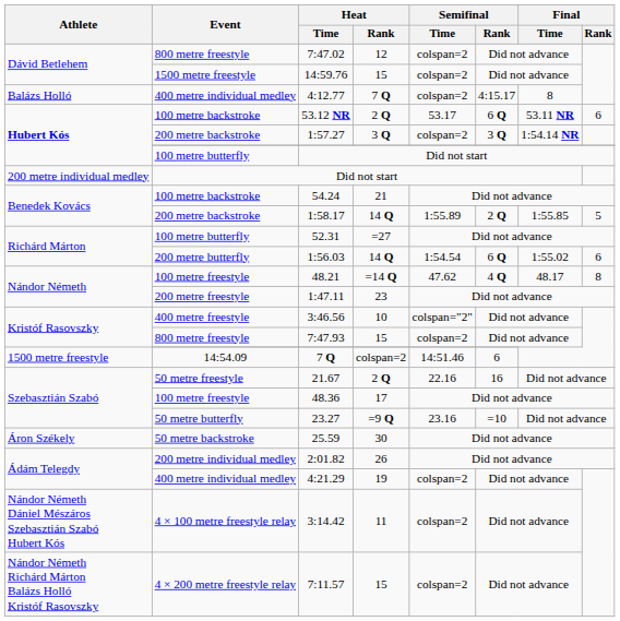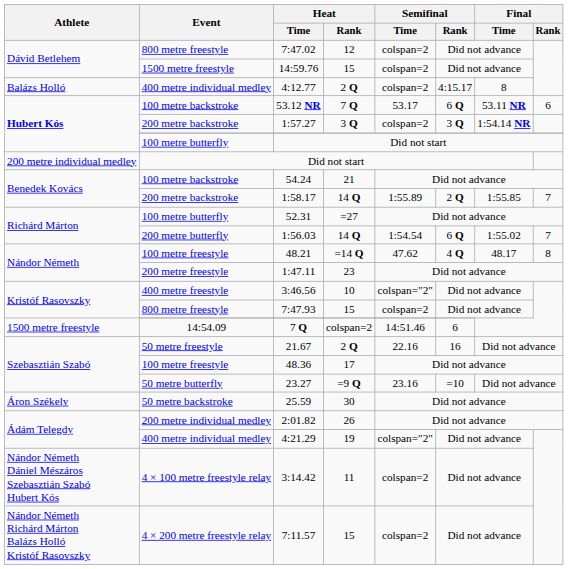 <table class="wikitable" style="text-align:center; font-size:90%">
 <tr>
 <th rowspan="2">Athlete</th>
 <th rowspan="2">Event</th>
 <th colspan="2">Heat</th>
 <th colspan="2">Semifinal</th>
 <th colspan="2">Final</th>
 </tr>
 <tr style="font-size:95%">
 <th>Time</th>
 <th>Rank</th>
 <th>Time</th>
 <th>Rank</th>
 <th>Time</th>
 <th>Rank</th>
 </tr>
 <tr>
 <td align=left rowspan=2><a href='#'>Dávid Betlehem</a></td>
 <td align=left><a href='#'>800 metre freestyle</a></td>
 <td>7:47.02</td>
 <td>12</td>
 <td>colspan=2 </td>
 <td colspan=2>Did not advance</td>
 </tr>
 <tr>
 <td align=left><a href='#'>1500 metre freestyle</a></td>
 <td>14:59.76</td>
 <td>15</td>
 <td>colspan=2 </td>
 <td colspan=2>Did not advance</td>
 </tr>
 <tr>
 <td align=left><a href='#'>Balázs Holló</a></td>
 <td align=left><a href='#'>400 metre individual medley</a></td>
 <td>4:12.77</td>
-<td>7 <strong>Q</strong></td>
+<td>2 <strong>Q</strong></td>
 <td>colspan=2 </td>
 <td>4:15.17</td>
 <td>8</td>
 </tr>
 <tr>
 <td align=left rowspan=4><strong><a href='#'>Hubert Kós</a></strong></td>
 <td align=left><a href='#'>100 metre backstroke</a></td>
 <td>53.12 <strong><a href='#'>NR</a></strong></td>
-<td>2 <strong>Q</strong></td>
+<td>7 <strong>Q</strong></td>
 <td>53.17</td>
 <td>6 <strong>Q</strong></td>
 <td>53.11 <strong><a href='#'>NR</a></strong></td>
 <td>6</td>
 </tr>
 <tr>
 <td align=left><a href='#'>200 metre backstroke</a></td>
 <td>1:57.27</td>
 <td>3 <strong>Q</strong></td>
 <td>colspan=2 </td>
 <td>3 <strong>Q</strong></td>
 <td>1:54.14 <strong><a href='#'>NR</a></strong></td>
 <td></td>
 </tr>
 <tr>
 </tr>
 <tr>
 <td align=left><a href='#'>100 metre butterfly</a></td>
 <td colspan=6>Did not start</td>
 </tr>
 <tr>
 <td align=left><a href='#'>200 metre individual medley</a></td>
 <td colspan=6>Did not start</td>
 </tr>
 <tr>
 <td align=left rowspan=2><a href='#'>Benedek Kovács</a></td>
 <td align=left><a href='#'>100 metre backstroke</a></td>
 <td>54.24</td>
 <td>21</td>
 <td colspan=4>Did not advance</td>
 </tr>
 <tr>
 <td align=left><a href='#'>200 metre backstroke</a></td>
 <td>1:58.17</td>
 <td>14 <strong>Q</strong></td>
 <td>1:55.89</td>
 <td>2 <strong>Q</strong></td>
 <td>1:55.85</td>
-<td>5</td>
+<td>7</td>
 </tr>
 <tr>
 <td align=left rowspan=2><a href='#'>Richárd Márton</a></td>
 <td align=left><a href='#'>100 metre butterfly</a></td>
 <td>52.31</td>
 <td>=27</td>
 <td colspan=4>Did not advance</td>
 </tr>
 <tr>
 <td align=left><a href='#'>200 metre butterfly</a></td>
 <td>1:56.03</td>
 <td>14 <strong>Q</strong></td>
 <td>1:54.54</td>
 <td>6 <strong>Q</strong></td>
 <td>1:55.02</td>
-<td>6</td>
+<td>7</td>
 </tr>
 <tr>
 <td align=left rowspan=2><a href='#'>Nándor Németh</a></td>
 <td align=left><a href='#'>100 metre freestyle</a></td>
 <td>48.21</td>
 <td>=14 <strong>Q</strong></td>
 <td>47.62</td>
 <td>4 <strong>Q</strong></td>
 <td>48.17</td>
 <td>8</td>
 </tr>
 <tr>
 <td align=left><a href='#'>200 metre freestyle</a></td>
 <td>1:47.11</td>
 <td>23</td>
 <td colspan=4>Did not advance</td>
 </tr>
 <tr>
 <td align=left rowspan=3><a href='#'>Kristóf Rasovszky</a></td>
 <td align=left><a href='#'>400 metre freestyle</a></td>
 <td>3:46.56</td>
 <td>10</td>
 <td>colspan="2" </td>
 <td colspan=2>Did not advance</td>
 </tr>
 <tr>
 <td align=left><a href='#'>800 metre freestyle</a></td>
 <td>7:47.93</td>
 <td>15</td>
 <td>colspan=2 </td>
 <td colspan=2>Did not advance</td>
 </tr>
 <tr>
 </tr>
 <tr>
 <td align=left><a href='#'>1500 metre freestyle</a></td>
 <td>14:54.09</td>
 <td>7 <strong>Q</strong></td>
 <td>colspan=2 </td>
 <td>14:51.46</td>
 <td>6</td>
 </tr>
 <tr>
 <td align=left rowspan=3><a href='#'>Szebasztián Szabó</a></td>
 <td align=left><a href='#'>50 metre freestyle</a></td>
 <td>21.67</td>
 <td>2 <strong>Q</strong></td>
 <td>22.16</td>
 <td>16</td>
 <td colspan=2>Did not advance</td>
 </tr>
 <tr>
 <td align=left><a href='#'>100 metre freestyle</a></td>
 <td>48.36</td>
 <td>17</td>
 <td colspan=4>Did not advance</td>
 </tr>
 <tr>
 <td align=left><a href='#'>50 metre butterfly</a></td>
 <td>23.27</td>
 <td>=9 <strong>Q</strong></td>
 <td>23.16</td>
 <td>=10</td>
 <td colspan=2>Did not advance</td>
 </tr>
 <tr>
 <td align=left><a href='#'>Áron Székely</a></td>
 <td align=left><a href='#'>50 metre backstroke</a></td>
 <td>25.59</td>
 <td>30</td>
 <td colspan=4>Did not advance</td>
 </tr>
 <tr>
 <td align=left rowspan=2><a href='#'>Ádám Telegdy</a></td>
 <td align=left><a href='#'>200 metre individual medley</a></td>
 <td>2:01.82</td>
 <td>26</td>
 <td colspan=4>Did not advance</td>
 </tr>
 <tr>
 <td align=left><a href='#'>400 metre individual medley</a></td>
 <td>4:21.29</td>
 <td>19</td>
-<td>colspan=2 </td>
+<td>colspan="2" </td>
 <td colspan=2>Did not advance</td>
 </tr>
 <tr>
 <td align=left><a href='#'>Nándor Németh</a><br><a href='#'>Dániel Mészáros</a><br><a href='#'>Szebasztián Szabó</a><br><a href='#'>Hubert Kós</a></td>
 <td align=left><a href='#'>4 × 100 metre freestyle relay</a></td>
 <td>3:14.42</td>
 <td>11</td>
 <td>colspan=2 </td>
 <td colspan=2>Did not advance</td>
 </tr>
 <tr>
 <td align=left><a href='#'>Nándor Németh</a><br><a href='#'>Richárd Márton</a><br><a href='#'>Balázs Holló</a><br><a href='#'>Kristóf Rasovszky</a></td>
 <td align=left><a href='#'>4 × 200 metre freestyle relay</a></td>
 <td>7:11.57</td>
 <td>15</td>
 <td>colspan=2 </td>
 <td colspan=2>Did not advance</td>
 </tr>
 </table>
